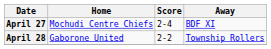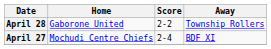 <table class="wikitable sortable plainrowheaders">
 <tr>
 <th scope="col">Date</th>
 <th scope="col">Home</th>
 <th scope="col">Score</th>
 <th scope="col">Away</th>
 </tr>
 <tr>
+<th scope="row">April 28</th>
+<td><a href='#'>Gaborone United</a></td>
+<td>2-2</td>
+<td><a href='#'>Township Rollers</a></td>
+</tr>
+<tr>
 <th scope="row">April 27</th>
 <td><a href='#'>Mochudi Centre Chiefs</a></td>
 <td>2-4</td>
 <td><a href='#'>BDF XI</a></td>
 </tr>
 <tr>
-<th scope="row">April 28</th>
-<td><a href='#'>Gaborone United</a></td>
-<td>2-2</td>
-<td><a href='#'>Township Rollers</a></td>
-</tr>
-<tr>
 </tr>
 </table>
